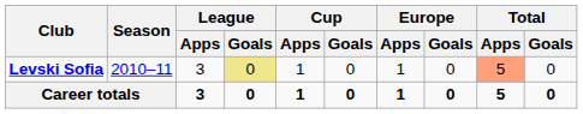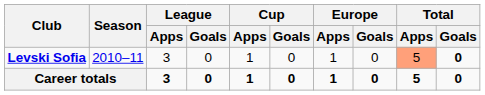 <table class="wikitable" style="text-align: center;">
 <tr>
 <th rowspan="2">Club</th>
 <th rowspan="2">Season</th>
 <th colspan="2">League</th>
 <th colspan="2">Cup</th>
 <th colspan="2">Europe</th>
 <th colspan="2">Total</th>
 </tr>
 <tr>
 <th>Apps</th>
 <th>Goals</th>
 <th>Apps</th>
 <th>Goals</th>
 <th>Apps</th>
 <th>Goals</th>
 <th>Apps</th>
 <th>Goals</th>
 </tr>
 <tr>
 <td rowspan="1" valign="center"><strong><a href='#'>Levski Sofia</a></strong></td>
 <td><a href='#'>2010–11</a></td>
 <td>3</td>
-<td style="background: khaki;">0</td>
+<td>0</td>
 <td>1</td>
 <td>0</td>
 <td>1</td>
 <td>0</td>
 <td style="background: lightsalmon;">5</td>
-<td>0</td>
+<td><strong>0</strong></td>
 </tr>
 <tr>
 <th colspan="2"><strong>Career totals</strong></th>
 <td><strong>3</strong></td>
 <td><strong>0</strong></td>
 <td><strong>1</strong></td>
 <td><strong>0</strong></td>
 <td><strong>1</strong></td>
 <td><strong>0</strong></td>
 <td><strong>5</strong></td>
 <td><strong>0</strong></td>
 </tr>
 </table>
